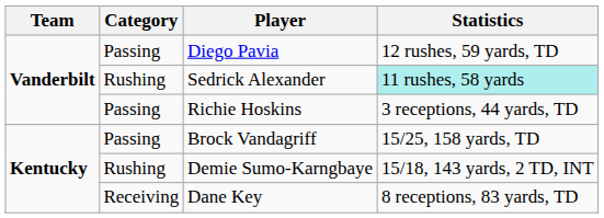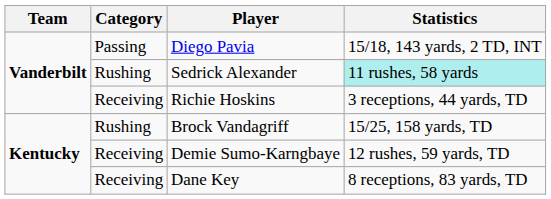 <table class="wikitable" style="float: right;">
 <tr>
 <th>Team</th>
 <th>Category</th>
 <th>Player</th>
 <th>Statistics</th>
 </tr>
 <tr>
 <td rowspan=3><strong>Vanderbilt</strong></td>
 <td>Passing</td>
 <td><a href='#'>Diego Pavia</a></td>
-<td>12 rushes, 59 yards, TD</td>
+<td>15/18, 143 yards, 2 TD, INT</td>
 </tr>
 <tr>
 <td>Rushing</td>
 <td>Sedrick Alexander</td>
 <td style="background: paleturquoise;">11 rushes, 58 yards</td>
 </tr>
 <tr>
-<td>Passing</td>
+<td>Receiving</td>
 <td>Richie Hoskins</td>
 <td>3 receptions, 44 yards, TD</td>
 </tr>
 <tr>
 <td rowspan=3><strong>Kentucky</strong></td>
-<td>Passing</td>
+<td>Rushing</td>
 <td>Brock Vandagriff</td>
 <td>15/25, 158 yards, TD</td>
 </tr>
 <tr>
-<td>Rushing</td>
+<td>Receiving</td>
 <td>Demie Sumo-Karngbaye</td>
-<td>15/18, 143 yards, 2 TD, INT</td>
+<td>12 rushes, 59 yards, TD</td>
 </tr>
 <tr>
 <td>Receiving</td>
 <td>Dane Key</td>
 <td>8 receptions, 83 yards, TD</td>
 </tr>
 </table>
